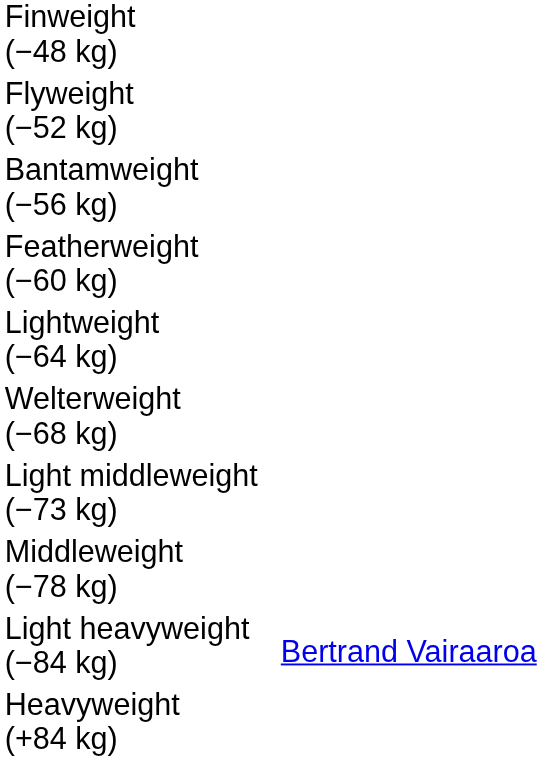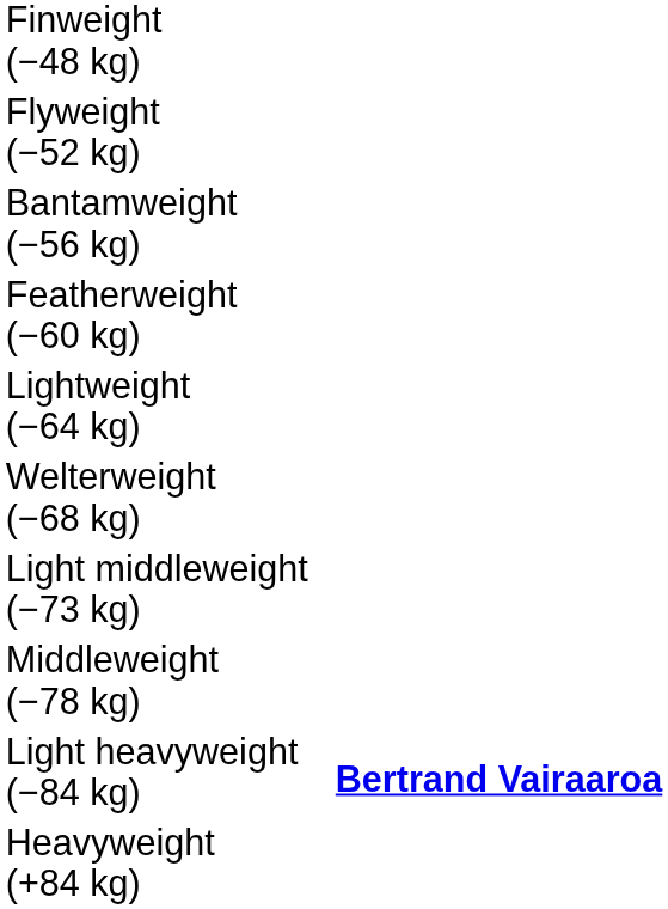 <table>
 <tr>
 <td rowspan=2>Finweight<br>(−48 kg)</td>
 <td rowspan=2></td>
 <td rowspan=2></td>
 <td></td>
 </tr>
 <tr>
 <td></td>
 </tr>
 <tr>
 <td rowspan=2>Flyweight<br>(−52 kg)</td>
 <td rowspan=2></td>
 <td rowspan=2></td>
 <td></td>
 </tr>
 <tr>
 <td></td>
 </tr>
 <tr>
 <td rowspan=2>Bantamweight<br>(−56 kg)</td>
 <td rowspan=2></td>
 <td rowspan=2></td>
 <td></td>
 </tr>
 <tr>
 <td></td>
 </tr>
 <tr>
 <td rowspan=2>Featherweight<br>(−60 kg)</td>
 <td rowspan=2></td>
 <td rowspan=2></td>
 <td></td>
 </tr>
 <tr>
 <td></td>
 </tr>
 <tr>
 <td rowspan=2>Lightweight<br>(−64 kg)</td>
 <td rowspan=2></td>
 <td rowspan=2></td>
 <td></td>
 </tr>
 <tr>
 <td></td>
 </tr>
 <tr>
 <td rowspan=2>Welterweight<br>(−68 kg)</td>
 <td rowspan=2></td>
 <td rowspan=2></td>
 <td></td>
 </tr>
 <tr>
 <td></td>
 </tr>
 <tr>
 <td rowspan=2>Light middleweight<br>(−73 kg)</td>
 <td rowspan=2></td>
 <td rowspan=2></td>
 <td></td>
 </tr>
 <tr>
 <td></td>
 </tr>
 <tr>
 <td rowspan=2>Middleweight<br>(−78 kg)</td>
 <td rowspan=2></td>
 <td rowspan=2></td>
 <td></td>
 </tr>
 <tr>
 <td></td>
 </tr>
 <tr>
 <td rowspan=2>Light heavyweight<br>(−84 kg)</td>
 <td rowspan=2></td>
 <td rowspan=2></td>
 <td></td>
 </tr>
 <tr>
-<td><a href='#'>Bertrand Vairaaroa</a><br></td>
+<td><strong><a href='#'>Bertrand Vairaaroa</a><br></strong></td>
 </tr>
 <tr>
 <td rowspan=2>Heavyweight<br>(+84 kg)</td>
 <td rowspan=2></td>
 <td rowspan=2></td>
 <td></td>
 </tr>
 <tr>
 <td></td>
 </tr>
 </table>
